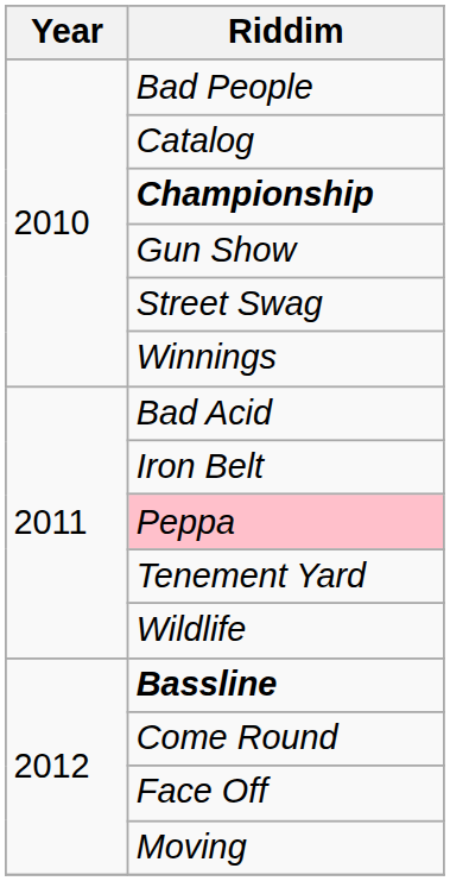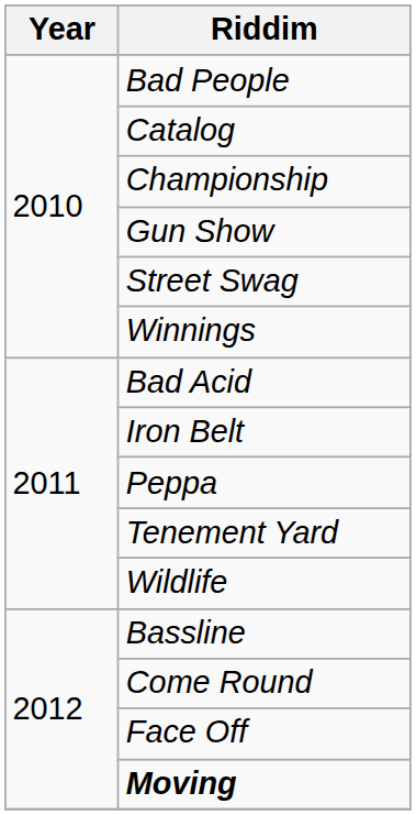 <table class="wikitable">
 <tr>
 <th width="50">Year</th>
 <th width="140">Riddim</th>
 </tr>
 <tr>
 <td rowspan="6">2010</td>
 <td><em>Bad People</em></td>
 </tr>
 <tr>
 <td><em>Catalog</em></td>
 </tr>
 <tr>
-<td><strong><em>Championship</em></strong></td>
+<td><em>Championship</em></td>
 </tr>
 <tr>
 <td><em>Gun Show</em></td>
 </tr>
 <tr>
 <td><em>Street Swag</em></td>
 </tr>
 <tr>
 <td><em>Winnings</em></td>
 </tr>
 <tr>
 <td rowspan="5">2011</td>
 <td><em>Bad Acid</em></td>
 </tr>
 <tr>
 <td><em>Iron Belt</em></td>
 </tr>
 <tr>
-<td style="background: pink;"><em>Peppa</em></td>
+<td><em>Peppa</em></td>
 </tr>
 <tr>
 <td><em>Tenement Yard</em></td>
 </tr>
 <tr>
 <td><em>Wildlife</em></td>
 </tr>
 <tr>
 <td rowspan="4">2012</td>
-<td><strong><em>Bassline</em></strong></td>
+<td><em>Bassline</em></td>
 </tr>
 <tr>
 <td><em>Come Round</em></td>
 </tr>
 <tr>
 <td><em>Face Off</em></td>
 </tr>
 <tr>
-<td><em>Moving</em></td>
+<td><strong><em>Moving</em></strong></td>
 </tr>
 <tr>
 </tr>
 </table>
